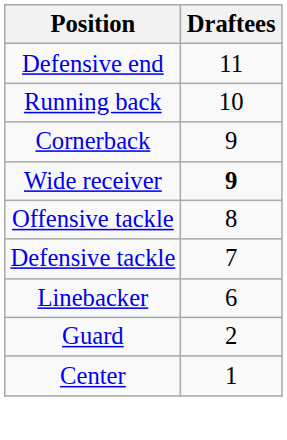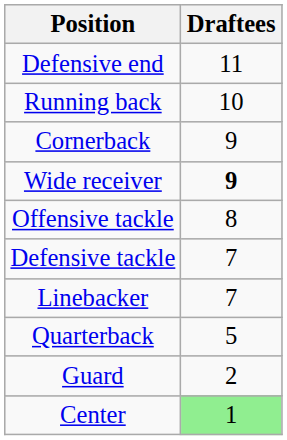 <table class="wikitable" style="text-align:center">
 <tr>
 <th>Position</th>
 <th>Draftees</th>
 </tr>
 <tr>
 <td><a href='#'>Defensive end</a></td>
 <td>11</td>
 </tr>
 <tr>
 <td><a href='#'>Running back</a></td>
 <td>10</td>
 </tr>
 <tr>
 <td><a href='#'>Cornerback</a></td>
 <td>9</td>
 </tr>
 <tr>
 <td><a href='#'>Wide receiver</a></td>
 <td><strong>9</strong></td>
 </tr>
 <tr>
 <td><a href='#'>Offensive tackle</a></td>
 <td>8</td>
 </tr>
 <tr>
 <td><a href='#'>Defensive tackle</a></td>
 <td>7</td>
 </tr>
 <tr>
 <td><a href='#'>Linebacker</a></td>
-<td>6</td>
+<td>7</td>
+</tr>
+<tr>
+<td><a href='#'>Quarterback</a></td>
+<td>5</td>
 </tr>
 <tr>
 <td><a href='#'>Guard</a></td>
 <td>2</td>
 </tr>
 <tr>
 <td><a href='#'>Center</a></td>
-<td>1</td>
+<td style="background: lightgreen;">1</td>
 </tr>
 </table>
